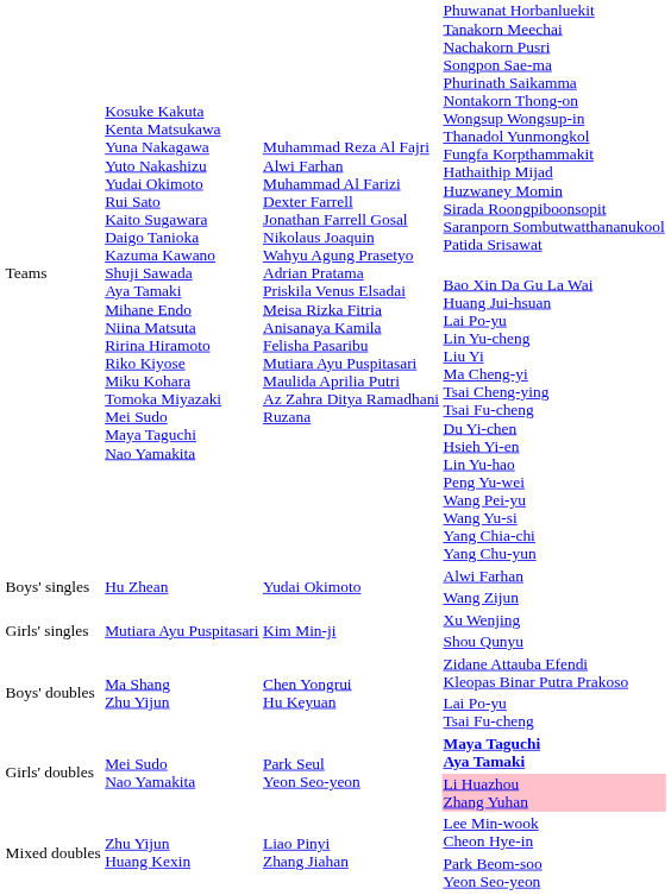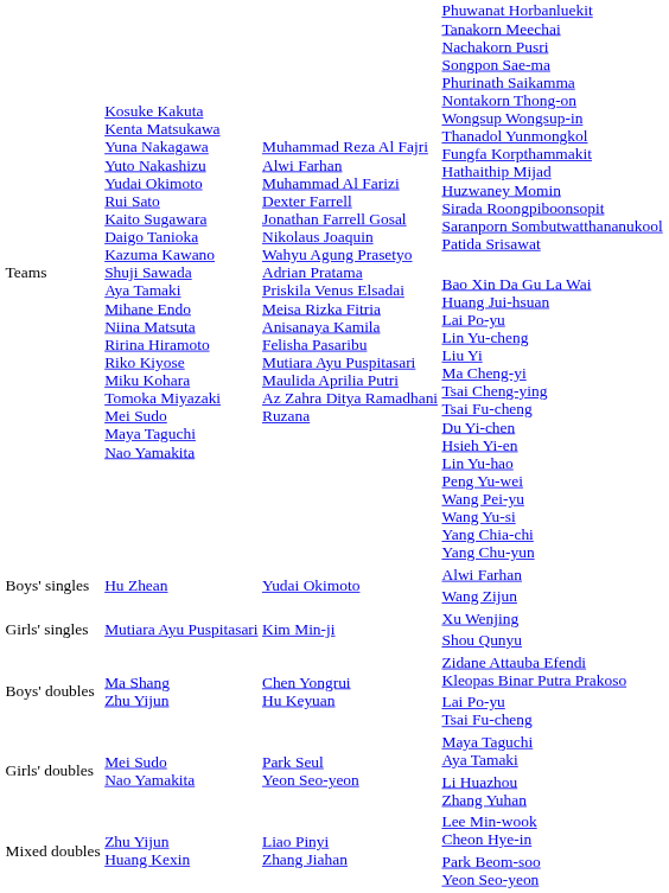 <table>
 <tr>
 <td rowspan=2>Teams<br></td>
 <td rowspan=2><br><a href='#'>Kosuke Kakuta</a><br><a href='#'>Kenta Matsukawa</a><br><a href='#'>Yuna Nakagawa</a><br><a href='#'>Yuto Nakashizu</a><br><a href='#'>Yudai Okimoto</a><br><a href='#'>Rui Sato</a><br><a href='#'>Kaito Sugawara</a><br><a href='#'>Daigo Tanioka</a><br><a href='#'>Kazuma Kawano</a><br><a href='#'>Shuji Sawada</a><br><a href='#'>Aya Tamaki</a><br><a href='#'>Mihane Endo</a><br><a href='#'>Niina Matsuta</a><br><a href='#'>Ririna Hiramoto</a><br><a href='#'>Riko Kiyose</a><br><a href='#'>Miku Kohara</a><br><a href='#'>Tomoka Miyazaki</a><br><a href='#'>Mei Sudo</a><br><a href='#'>Maya Taguchi</a><br><a href='#'>Nao Yamakita</a></td>
 <td rowspan=2><br><a href='#'>Muhammad Reza Al Fajri</a><br><a href='#'>Alwi Farhan</a><br><a href='#'>Muhammad Al Farizi</a><br><a href='#'>Dexter Farrell</a><br><a href='#'>Jonathan Farrell Gosal</a><br><a href='#'>Nikolaus Joaquin</a><br><a href='#'>Wahyu Agung Prasetyo</a><br><a href='#'>Adrian Pratama</a><br><a href='#'>Priskila Venus Elsadai</a><br><a href='#'>Meisa Rizka Fitria</a><br><a href='#'>Anisanaya Kamila</a><br><a href='#'>Felisha Pasaribu</a><br><a href='#'>Mutiara Ayu Puspitasari</a><br><a href='#'>Maulida Aprilia Putri</a><br><a href='#'>Az Zahra Ditya Ramadhani</a><br><a href='#'>Ruzana</a></td>
 <td><br><a href='#'>Phuwanat Horbanluekit</a><br><a href='#'>Tanakorn Meechai</a><br><a href='#'>Nachakorn Pusri</a><br><a href='#'>Songpon Sae-ma</a><br><a href='#'>Phurinath Saikamma</a><br><a href='#'>Nontakorn Thong-on</a><br><a href='#'>Wongsup Wongsup-in</a><br><a href='#'>Thanadol Yunmongkol</a><br><a href='#'>Fungfa Korpthammakit</a><br><a href='#'>Hathaithip Mijad</a><br><a href='#'>Huzwaney Momin</a><br><a href='#'>Sirada Roongpiboonsopit</a><br><a href='#'>Saranporn Sombutwatthananukool</a><br><a href='#'>Patida Srisawat</a></td>
 </tr>
 <tr>
 <td><br><a href='#'>Bao Xin Da Gu La Wai</a><br><a href='#'>Huang Jui-hsuan</a><br><a href='#'>Lai Po-yu</a><br><a href='#'>Lin Yu-cheng</a><br><a href='#'>Liu Yi</a><br><a href='#'>Ma Cheng-yi</a><br><a href='#'>Tsai Cheng-ying</a><br><a href='#'>Tsai Fu-cheng</a><br><a href='#'>Du Yi-chen</a><br><a href='#'>Hsieh Yi-en</a><br><a href='#'>Lin Yu-hao</a><br><a href='#'>Peng Yu-wei</a><br><a href='#'>Wang Pei-yu</a><br><a href='#'>Wang Yu-si</a><br><a href='#'>Yang Chia-chi</a><br><a href='#'>Yang Chu-yun</a></td>
 </tr>
 <tr>
 <td rowspan=2>Boys' singles<br></td>
 <td rowspan=2> <a href='#'>Hu Zhean</a></td>
 <td rowspan=2> <a href='#'>Yudai Okimoto</a></td>
 <td> <a href='#'>Alwi Farhan</a></td>
 </tr>
 <tr>
 <td> <a href='#'>Wang Zijun</a></td>
 </tr>
 <tr>
 <td rowspan=2>Girls' singles<br></td>
 <td rowspan=2> <a href='#'>Mutiara Ayu Puspitasari</a></td>
 <td rowspan=2> <a href='#'>Kim Min-ji</a></td>
 <td> <a href='#'>Xu Wenjing</a></td>
 </tr>
 <tr>
 <td> <a href='#'>Shou Qunyu</a></td>
 </tr>
 <tr>
 <td rowspan=2>Boys' doubles<br></td>
 <td rowspan=2> <a href='#'>Ma Shang</a><br> <a href='#'>Zhu Yijun</a></td>
 <td rowspan=2> <a href='#'>Chen Yongrui</a><br> <a href='#'>Hu Keyuan</a></td>
 <td> <a href='#'>Zidane Attauba Efendi</a><br> <a href='#'>Kleopas Binar Putra Prakoso</a></td>
 </tr>
 <tr>
 <td> <a href='#'>Lai Po-yu</a><br> <a href='#'>Tsai Fu-cheng</a></td>
 </tr>
 <tr>
 <td rowspan=2>Girls' doubles<br></td>
 <td rowspan=2> <a href='#'>Mei Sudo</a><br> <a href='#'>Nao Yamakita</a></td>
 <td rowspan=2> <a href='#'>Park Seul</a><br> <a href='#'>Yeon Seo-yeon</a></td>
-<td><strong> <a href='#'>Maya Taguchi</a><br> <a href='#'>Aya Tamaki</a></strong></td>
+<td> <a href='#'>Maya Taguchi</a><br> <a href='#'>Aya Tamaki</a></td>
 </tr>
 <tr>
-<td style="background: pink;"> <a href='#'>Li Huazhou</a><br> <a href='#'>Zhang Yuhan</a></td>
+<td> <a href='#'>Li Huazhou</a><br> <a href='#'>Zhang Yuhan</a></td>
 </tr>
 <tr>
 <td rowspan=2>Mixed doubles<br></td>
 <td rowspan=2> <a href='#'>Zhu Yijun</a><br> <a href='#'>Huang Kexin</a></td>
 <td rowspan=2> <a href='#'>Liao Pinyi</a><br> <a href='#'>Zhang Jiahan</a></td>
 <td> <a href='#'>Lee Min-wook</a><br> <a href='#'>Cheon Hye-in</a></td>
 </tr>
 <tr>
 <td> <a href='#'>Park Beom-soo</a><br> <a href='#'>Yeon Seo-yeon</a></td>
 </tr>
 <tr>
 </tr>
 </table>
